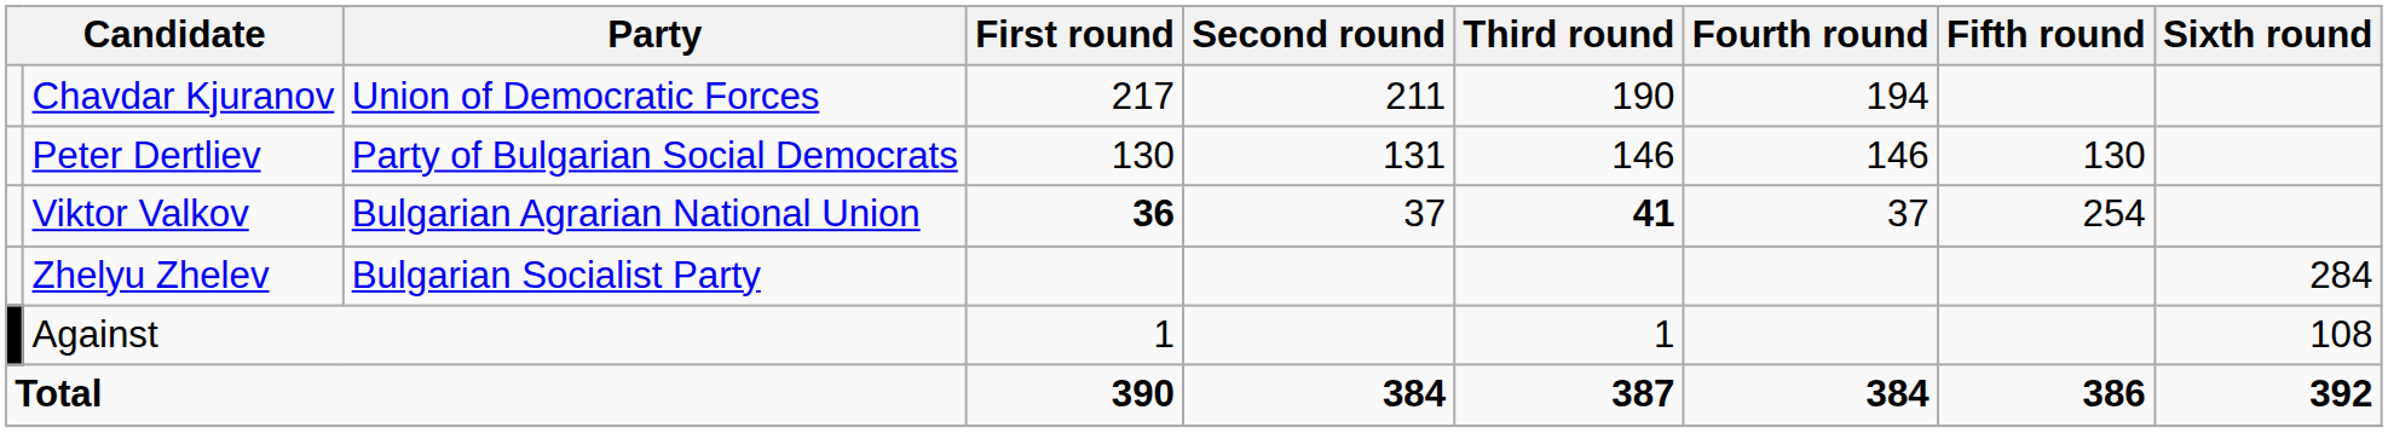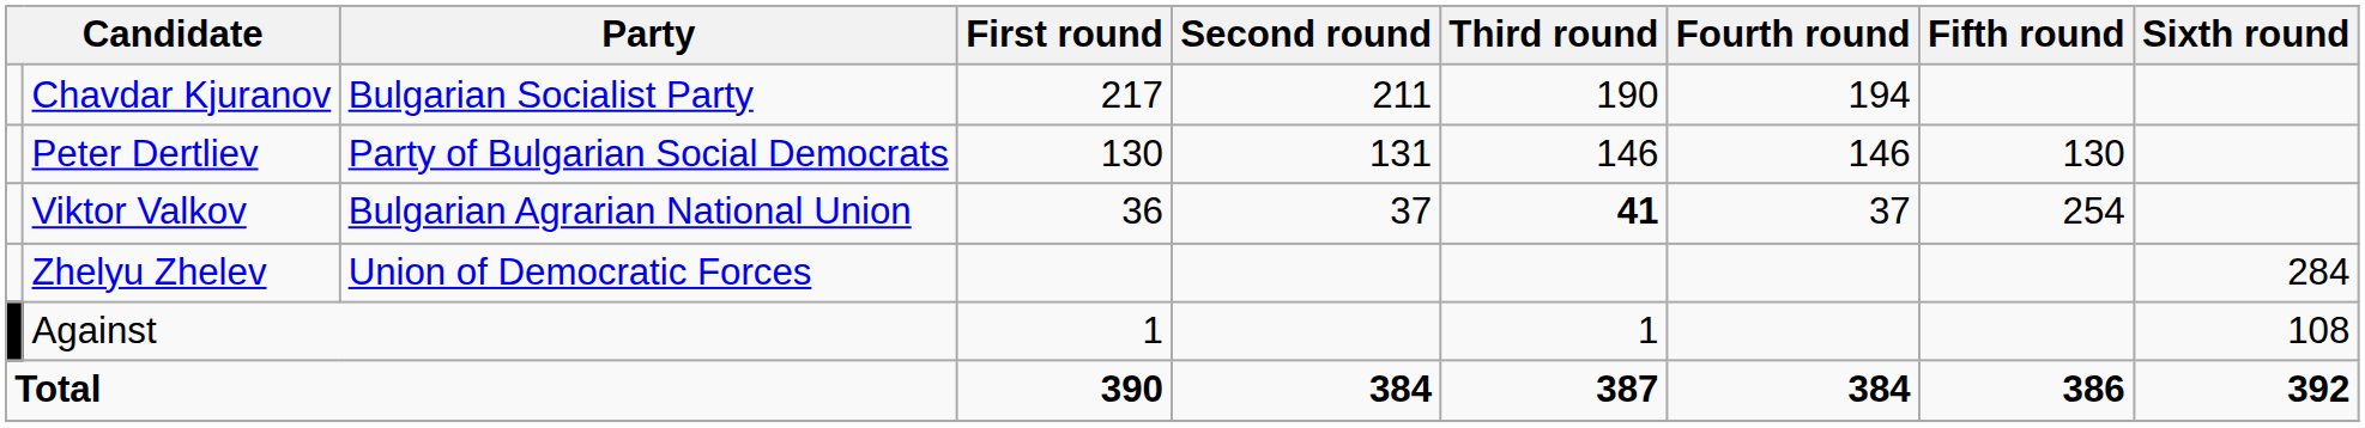 <table class=wikitable style=text-align:right>
 <tr>
 <th colspan=2>Candidate</th>
 <th>Party</th>
 <th>First round</th>
 <th>Second round</th>
 <th>Third round</th>
 <th>Fourth round</th>
 <th>Fifth round</th>
 <th>Sixth round</th>
 </tr>
 <tr>
 <td></td>
 <td align=left><a href='#'>Chavdar Kjuranov</a></td>
-<td align=left><a href='#'>Union of Democratic Forces</a></td>
+<td align=left><a href='#'>Bulgarian Socialist Party</a></td>
 <td>217</td>
 <td>211</td>
 <td>190</td>
 <td>194</td>
 <td></td>
 <td></td>
 </tr>
 <tr>
 <td></td>
 <td align=left><a href='#'>Peter Dertliev</a></td>
 <td align=left><a href='#'>Party of Bulgarian Social Democrats</a></td>
 <td>130</td>
 <td>131</td>
 <td>146</td>
 <td>146</td>
 <td>130</td>
 <td></td>
 </tr>
 <tr>
 <td></td>
 <td align=left><a href='#'>Viktor Valkov</a></td>
 <td align=left><a href='#'>Bulgarian Agrarian National Union</a></td>
-<td><strong>36</strong></td>
+<td>36</td>
 <td>37</td>
 <td><strong>41</strong></td>
 <td>37</td>
 <td>254</td>
 <td></td>
 </tr>
 <tr>
 <td></td>
 <td align=left><a href='#'>Zhelyu Zhelev</a></td>
-<td align=left><a href='#'>Bulgarian Socialist Party</a></td>
+<td align=left><a href='#'>Union of Democratic Forces</a></td>
 <td></td>
 <td></td>
 <td></td>
 <td></td>
 <td></td>
 <td>284</td>
 </tr>
 <tr>
 <td bgcolor=black></td>
 <td align=left colspan=2>Against</td>
 <td>1</td>
 <td></td>
 <td>1</td>
 <td></td>
 <td></td>
 <td>108</td>
 </tr>
 <tr>
 <td align=left colspan=3><strong>Total</strong></td>
 <td><strong>390</strong></td>
 <td><strong>384</strong></td>
 <td><strong>387</strong></td>
 <td><strong>384</strong></td>
 <td><strong>386</strong></td>
 <td><strong>392</strong></td>
 </tr>
 <tr>
 </tr>
 </table>
